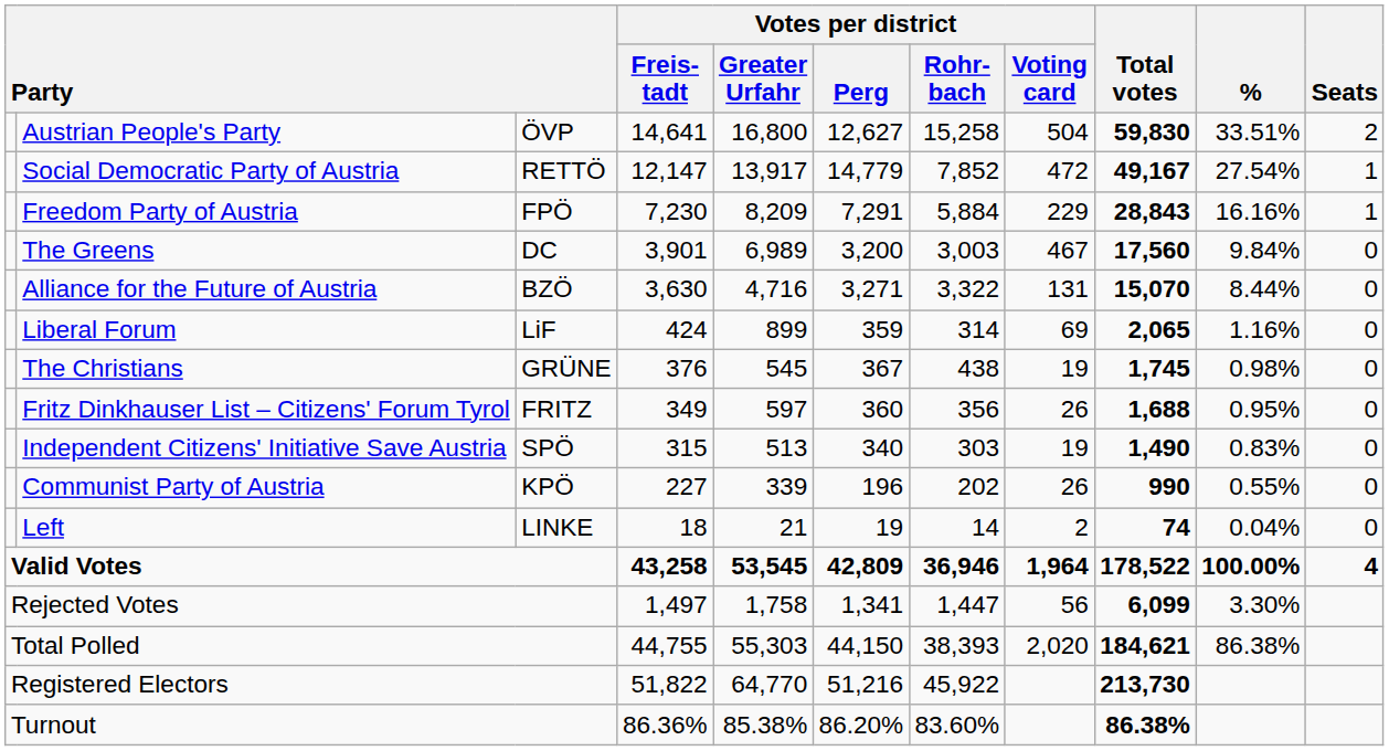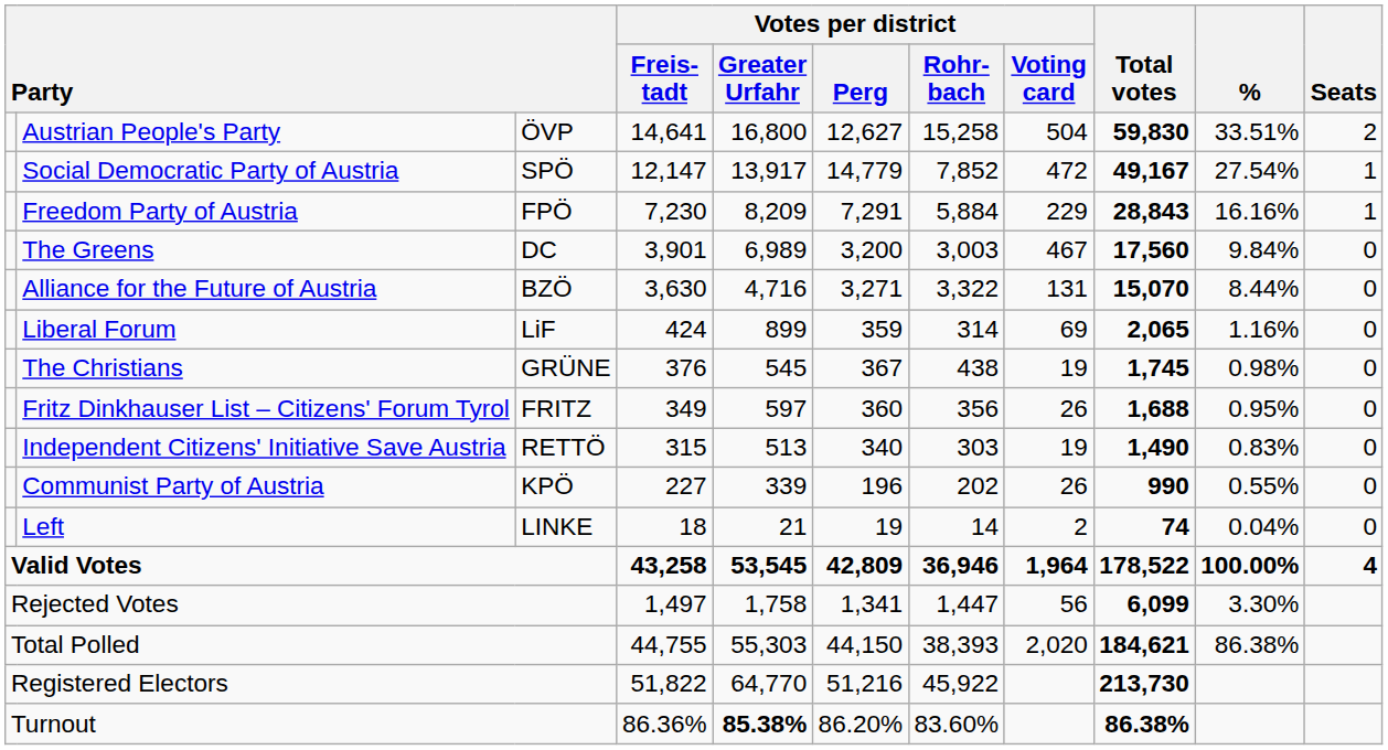 <table class="wikitable" border="1" style="text-align:right;">
 <tr>
 <th style="text-align:left;" valign=bottom rowspan=2 colspan=3>Party</th>
 <th colspan=5>Votes per district</th>
 <th align=center valign=bottom rowspan=2 width="50">Total<br>votes</th>
 <th align=center valign=bottom rowspan=2 width="50">%</th>
 <th align=center valign=bottom rowspan=2>Seats</th>
 </tr>
 <tr>
 <th align=center valign=bottom width="50"><a href='#'>Freis-<br>tadt</a></th>
 <th align=center valign=bottom width="50"><a href='#'>Greater<br>Urfahr</a></th>
 <th align=center valign=bottom width="50"><a href='#'>Perg</a></th>
 <th align=center valign=bottom width="50"><a href='#'>Rohr-<br>bach</a></th>
 <th align=center valign=bottom width="50"><a href='#'>Voting<br>card</a></th>
 </tr>
 <tr>
 <td></td>
 <td align=left><a href='#'>Austrian People's Party</a></td>
 <td align=left>ÖVP</td>
 <td>14,641</td>
 <td>16,800</td>
 <td>12,627</td>
 <td>15,258</td>
 <td>504</td>
 <td><strong>59,830</strong></td>
 <td>33.51%</td>
 <td>2</td>
 </tr>
 <tr>
 <td></td>
 <td align=left style="white-space: nowrap;"><a href='#'>Social Democratic Party of Austria</a></td>
-<td align=left>RETTÖ</td>
+<td align=left>SPÖ</td>
 <td>12,147</td>
 <td>13,917</td>
 <td>14,779</td>
 <td>7,852</td>
 <td>472</td>
 <td><strong>49,167</strong></td>
 <td>27.54%</td>
 <td>1</td>
 </tr>
 <tr>
 <td></td>
 <td align=left><a href='#'>Freedom Party of Austria</a></td>
 <td align=left>FPÖ</td>
 <td>7,230</td>
 <td>8,209</td>
 <td>7,291</td>
 <td>5,884</td>
 <td>229</td>
 <td><strong>28,843</strong></td>
 <td>16.16%</td>
 <td>1</td>
 </tr>
 <tr>
 <td></td>
 <td align=left><a href='#'>The Greens</a></td>
 <td align=left>DC</td>
 <td>3,901</td>
 <td>6,989</td>
 <td>3,200</td>
 <td>3,003</td>
 <td>467</td>
 <td><strong>17,560</strong></td>
 <td>9.84%</td>
 <td>0</td>
 </tr>
 <tr>
 <td></td>
 <td align=left><a href='#'>Alliance for the Future of Austria</a></td>
 <td align=left>BZÖ</td>
 <td>3,630</td>
 <td>4,716</td>
 <td>3,271</td>
 <td>3,322</td>
 <td>131</td>
 <td><strong>15,070</strong></td>
 <td>8.44%</td>
 <td>0</td>
 </tr>
 <tr>
 <td></td>
 <td align=left><a href='#'>Liberal Forum</a></td>
 <td align=left>LiF</td>
 <td>424</td>
 <td>899</td>
 <td>359</td>
 <td>314</td>
 <td>69</td>
 <td><strong>2,065</strong></td>
 <td>1.16%</td>
 <td>0</td>
 </tr>
 <tr>
 <td></td>
 <td align=left><a href='#'>The Christians</a></td>
 <td align=left>GRÜNE</td>
 <td>376</td>
 <td>545</td>
 <td>367</td>
 <td>438</td>
 <td>19</td>
 <td><strong>1,745</strong></td>
 <td>0.98%</td>
 <td>0</td>
 </tr>
 <tr>
 <td></td>
 <td align=left><a href='#'>Fritz Dinkhauser List – Citizens' Forum Tyrol </a></td>
 <td align=left>FRITZ</td>
 <td>349</td>
 <td>597</td>
 <td>360</td>
 <td>356</td>
 <td>26</td>
 <td><strong>1,688</strong></td>
 <td>0.95%</td>
 <td>0</td>
 </tr>
 <tr>
 <td></td>
 <td align=left><a href='#'>Independent Citizens' Initiative Save Austria</a></td>
-<td align=left>SPÖ</td>
+<td align=left>RETTÖ</td>
 <td>315</td>
 <td>513</td>
 <td>340</td>
 <td>303</td>
 <td>19</td>
 <td><strong>1,490</strong></td>
 <td>0.83%</td>
 <td>0</td>
 </tr>
 <tr>
 <td></td>
 <td align=left><a href='#'>Communist Party of Austria</a></td>
 <td align=left>KPÖ</td>
 <td>227</td>
 <td>339</td>
 <td>196</td>
 <td>202</td>
 <td>26</td>
 <td><strong>990</strong></td>
 <td>0.55%</td>
 <td>0</td>
 </tr>
 <tr>
 <td></td>
 <td align=left><a href='#'>Left</a></td>
 <td align=left>LINKE</td>
 <td>18</td>
 <td>21</td>
 <td>19</td>
 <td>14</td>
 <td>2</td>
 <td><strong>74</strong></td>
 <td>0.04%</td>
 <td>0</td>
 </tr>
 <tr style="font-weight:bold">
 <td align=left colspan=3>Valid Votes</td>
 <td>43,258</td>
 <td>53,545</td>
 <td>42,809</td>
 <td>36,946</td>
 <td>1,964</td>
 <td>178,522</td>
 <td>100.00%</td>
 <td>4</td>
 </tr>
 <tr>
 <td align=left colspan=3>Rejected Votes</td>
 <td>1,497</td>
 <td>1,758</td>
 <td>1,341</td>
 <td>1,447</td>
 <td>56</td>
 <td><strong>6,099</strong></td>
 <td>3.30%</td>
 <td></td>
 </tr>
 <tr>
 <td align=left colspan=3>Total Polled</td>
 <td>44,755</td>
 <td>55,303</td>
 <td>44,150</td>
 <td>38,393</td>
 <td>2,020</td>
 <td><strong>184,621</strong></td>
 <td>86.38%</td>
 <td></td>
 </tr>
 <tr>
 <td align=left colspan=3>Registered Electors</td>
 <td>51,822</td>
 <td>64,770</td>
 <td>51,216</td>
 <td>45,922</td>
 <td></td>
 <td><strong>213,730</strong></td>
 <td></td>
 <td></td>
 </tr>
 <tr>
 <td align=left colspan=3>Turnout</td>
 <td>86.36%</td>
-<td>85.38%</td>
+<td><strong>85.38%</strong></td>
 <td>86.20%</td>
 <td>83.60%</td>
 <td></td>
 <td><strong>86.38%</strong></td>
 <td></td>
 <td></td>
 </tr>
 </table>
